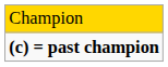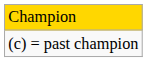 <table class="wikitable">
 <tr style="background:gold">
 <td>Champion</td>
 </tr>
 <tr>
-<td><strong>(c) = past champion</strong></td>
+<td>(c) = past champion</td>
 </tr>
 </table>
